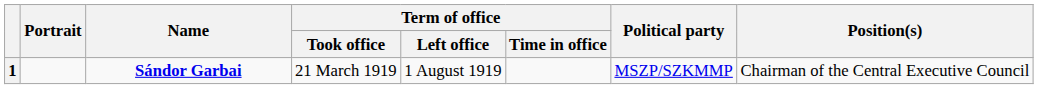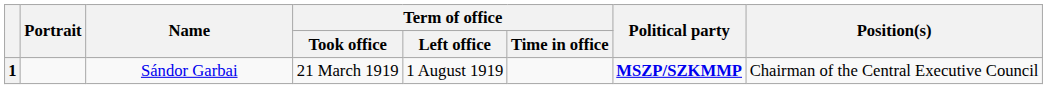 <table class="wikitable" style="text-align:center;">
 <tr>
 <th rowspan=2></th>
 <th rowspan=2>Portrait</th>
 <th width=20% rowspan=2>Name<br></th>
 <th colspan=3>Term of office</th>
 <th rowspan=2>Political party</th>
 <th rowspan=2>Position(s)</th>
 </tr>
 <tr>
 <th>Took office</th>
 <th>Left office</th>
 <th>Time in office</th>
 </tr>
 <tr>
 <th style="background-color:">1</th>
 <td></td>
-<td><strong><a href='#'>Sándor Garbai</a><br></strong></td>
+<td><a href='#'>Sándor Garbai</a><br></td>
 <td>21 March 1919</td>
 <td>1 August 1919</td>
 <td></td>
-<td><a href='#'>MSZP/SZKMMP</a></td>
+<td><strong><a href='#'>MSZP/SZKMMP</a></strong></td>
 <td>Chairman of the Central Executive Council</td>
 </tr>
 </table>
